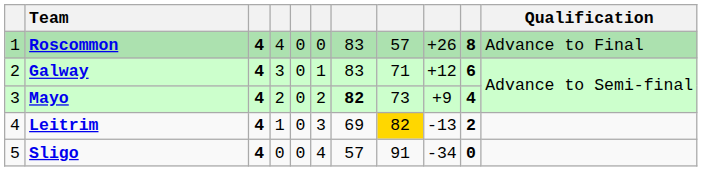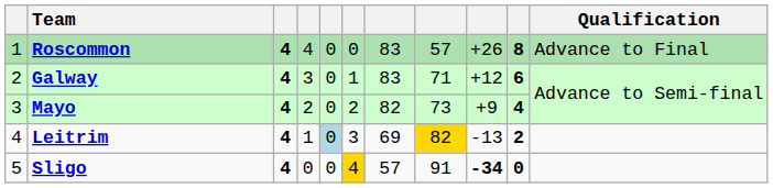 <table class="wikitable">
 <tr>
 <th width="10"></th>
 <th width="170" style="text-align:left;">Team</th>
 <th width="10"></th>
 <th width="10"></th>
 <th width="10"></th>
 <th width="10"></th>
 <th width="30"></th>
 <th width="30"></th>
 <th width="10"></th>
 <th width="10"></th>
 <th>Qualification</th>
 </tr>
 <tr style="background:#ace1af">
 <td align="center">1</td>
 <td align="left"><strong> <a href='#'>Roscommon</a></strong></td>
 <td align="center"><strong>4</strong></td>
 <td align="center">4</td>
 <td align="center">0</td>
 <td align="center">0</td>
 <td align="center">83</td>
 <td align="center">57</td>
 <td align="center">+26</td>
 <td align="center"><strong>8</strong></td>
 <td>Advance to Final</td>
 </tr>
 <tr style="background:#ccffcc">
 <td align="center">2</td>
 <td align="left"><strong> <a href='#'>Galway</a></strong></td>
 <td align="center"><strong>4</strong></td>
 <td align="center">3</td>
 <td align="center">0</td>
 <td align="center">1</td>
 <td align="center">83</td>
 <td align="center">71</td>
 <td align="center">+12</td>
 <td align="center"><strong>6</strong></td>
 <td rowspan="2">Advance to Semi-final</td>
 </tr>
 <tr style="background:#ccffcc">
 <td align="center">3</td>
 <td align="left"><strong> <a href='#'>Mayo</a></strong></td>
 <td align="center"><strong>4</strong></td>
 <td align="center">2</td>
 <td align="center">0</td>
 <td align="center">2</td>
-<td align="center"><strong>82</strong></td>
+<td align="center">82</td>
 <td align="center">73</td>
 <td align="center">+9</td>
 <td align="center"><strong>4</strong></td>
 </tr>
 <tr>
 <td align="center">4</td>
 <td align="left"><strong> <a href='#'>Leitrim</a></strong></td>
 <td align="center"><strong>4</strong></td>
 <td align="center">1</td>
-<td align="center">0</td>
+<td align="center" style="background: lightblue;">0</td>
 <td align="center">3</td>
 <td align="center">69</td>
 <td align="center" style="background: gold;">82</td>
 <td align="center">-13</td>
 <td align="center"><strong>2</strong></td>
 <td></td>
 </tr>
 <tr>
 <td align="center">5</td>
 <td align="left"><strong> <a href='#'>Sligo</a></strong></td>
 <td align="center"><strong>4</strong></td>
 <td align="center">0</td>
 <td align="center">0</td>
-<td align="center">4</td>
+<td align="center" style="background: gold;">4</td>
 <td align="center">57</td>
 <td align="center">91</td>
-<td align="center">-34</td>
+<td align="center"><strong>-34</strong></td>
 <td align="center"><strong>0</strong></td>
 <td></td>
 </tr>
 </table>
